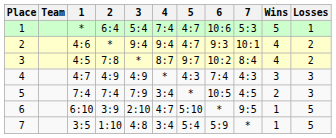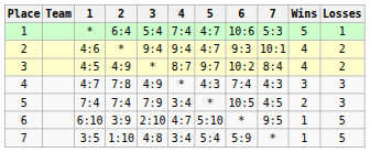 <table class="wikitable" style="text-align:center;">
 <tr>
 <th>Place</th>
 <th>Team</th>
 <th width="25">1</th>
 <th width="25">2</th>
 <th width="25">3</th>
 <th width="25">4</th>
 <th width="25">5</th>
 <th width="25">6</th>
 <th width="25">7</th>
 <th>Wins</th>
 <th>Losses</th>
 </tr>
 <tr bgcolor=#cfc>
 <td>1</td>
 <td align=left></td>
 <td>*</td>
 <td>6:4</td>
 <td>5:4</td>
 <td>7:4</td>
 <td>4:7</td>
 <td>10:6</td>
 <td>5:3</td>
 <td>5</td>
 <td>1</td>
 </tr>
 <tr bgcolor=#ffc>
 <td>2</td>
 <td align=left></td>
 <td>4:6</td>
 <td>*</td>
 <td>9:4</td>
 <td>9:4</td>
 <td>4:7</td>
 <td>9:3</td>
 <td>10:1</td>
 <td>4</td>
 <td>2</td>
 </tr>
 <tr bgcolor=#ffc>
 <td>3</td>
 <td align=left></td>
 <td>4:5</td>
-<td>7:8</td>
+<td>4:9</td>
 <td>*</td>
 <td>8:7</td>
 <td>9:7</td>
 <td>10:2</td>
 <td>8:4</td>
 <td>4</td>
 <td>2</td>
 </tr>
 <tr>
 <td>4</td>
 <td align=left></td>
 <td>4:7</td>
-<td>4:9</td>
+<td>7:8</td>
 <td>4:9</td>
 <td>*</td>
 <td>4:3</td>
 <td>7:4</td>
 <td>4:3</td>
 <td>3</td>
 <td>3</td>
 </tr>
 <tr>
 <td>5</td>
 <td align=left></td>
 <td>7:4</td>
 <td>7:4</td>
 <td>7:9</td>
 <td>3:4</td>
 <td>*</td>
 <td>10:5</td>
 <td>4:5</td>
 <td>2</td>
 <td>3</td>
 </tr>
 <tr>
 <td>6</td>
 <td align=left></td>
 <td>6:10</td>
 <td>3:9</td>
 <td>2:10</td>
 <td>4:7</td>
 <td>5:10</td>
 <td>*</td>
 <td>9:5</td>
 <td>1</td>
 <td>5</td>
 </tr>
 <tr>
 <td>7</td>
 <td align=left></td>
 <td>3:5</td>
 <td>1:10</td>
 <td>4:8</td>
 <td>3:4</td>
 <td>5:4</td>
 <td>5:9</td>
 <td>*</td>
 <td>1</td>
 <td>5</td>
 </tr>
 </table>
